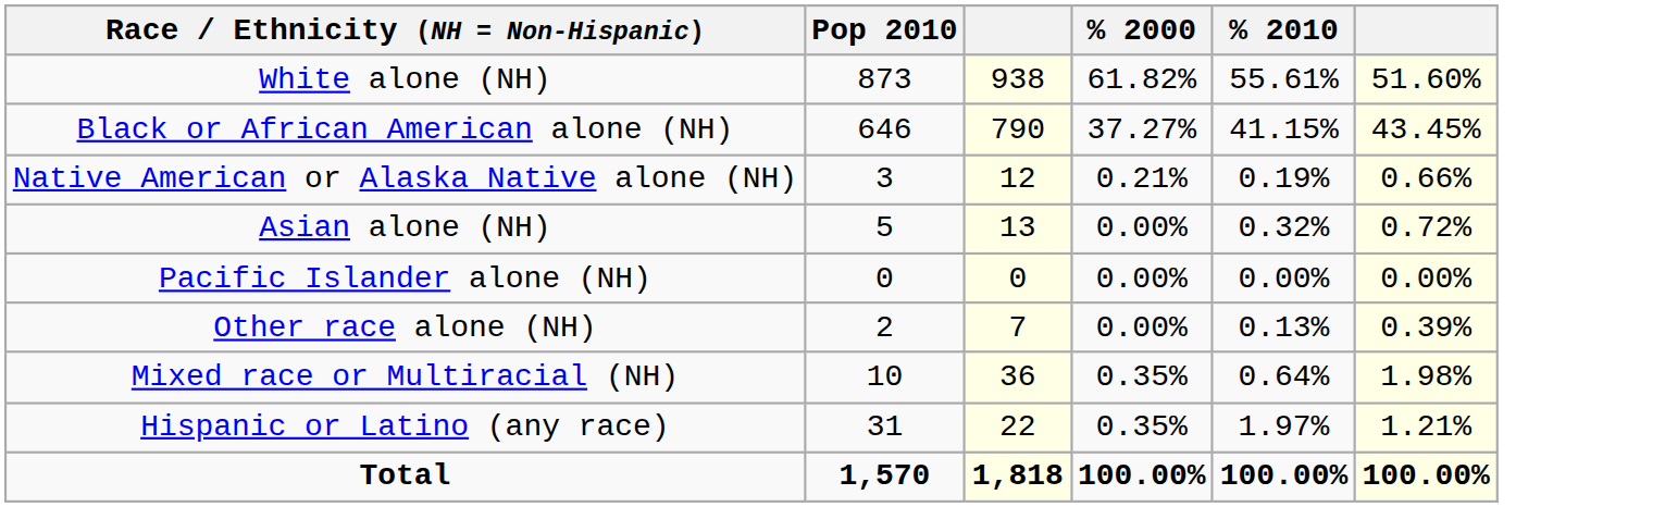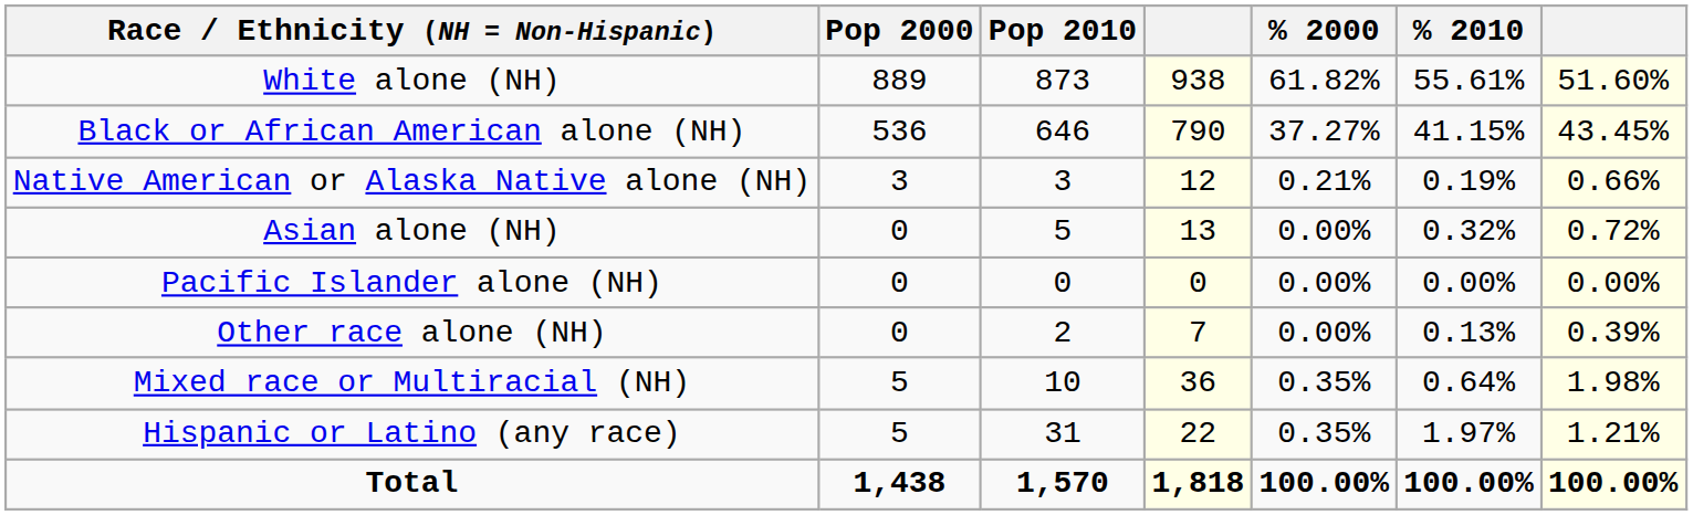 <table class="wikitable" style="text-align:center;">
 <tr>
 <th>Race / Ethnicity <small>(<em>NH = Non-Hispanic</em>)</small></th>
+<th>Pop 2000</th>
 <th>Pop 2010</th>
 <th></th>
 <th>% 2000</th>
 <th>% 2010</th>
 <th></th>
 </tr>
 <tr>
 <td><a href='#'>White</a> alone (NH)</td>
+<td>889</td>
 <td>873</td>
 <td style='background: #ffffe6;'>938</td>
 <td>61.82%</td>
 <td>55.61%</td>
 <td style='background: #ffffe6;'>51.60%</td>
 </tr>
 <tr>
 <td><a href='#'>Black or African American</a> alone (NH)</td>
+<td>536</td>
 <td>646</td>
 <td style='background: #ffffe6;'>790</td>
 <td>37.27%</td>
 <td>41.15%</td>
 <td style='background: #ffffe6;'>43.45%</td>
 </tr>
 <tr>
 <td><a href='#'>Native American</a> or <a href='#'>Alaska Native</a> alone (NH)</td>
 <td>3</td>
+<td>3</td>
 <td style='background: #ffffe6;'>12</td>
 <td>0.21%</td>
 <td>0.19%</td>
 <td style='background: #ffffe6;'>0.66%</td>
 </tr>
 <tr>
 <td><a href='#'>Asian</a> alone (NH)</td>
+<td>0</td>
 <td>5</td>
 <td style='background: #ffffe6;'>13</td>
 <td>0.00%</td>
 <td>0.32%</td>
 <td style='background: #ffffe6;'>0.72%</td>
 </tr>
 <tr>
 <td><a href='#'>Pacific Islander</a> alone (NH)</td>
 <td>0</td>
+<td>0</td>
 <td style='background: #ffffe6;'>0</td>
 <td>0.00%</td>
 <td>0.00%</td>
 <td style='background: #ffffe6;'>0.00%</td>
 </tr>
 <tr>
 <td><a href='#'>Other race</a> alone (NH)</td>
+<td>0</td>
 <td>2</td>
 <td style='background: #ffffe6;'>7</td>
 <td>0.00%</td>
 <td>0.13%</td>
 <td style='background: #ffffe6;'>0.39%</td>
 </tr>
 <tr>
 <td><a href='#'>Mixed race or Multiracial</a> (NH)</td>
+<td>5</td>
 <td>10</td>
 <td style='background: #ffffe6;'>36</td>
 <td>0.35%</td>
 <td>0.64%</td>
 <td style='background: #ffffe6;'>1.98%</td>
 </tr>
 <tr>
 <td><a href='#'>Hispanic or Latino</a> (any race)</td>
+<td>5</td>
 <td>31</td>
 <td style='background: #ffffe6;'>22</td>
 <td>0.35%</td>
 <td>1.97%</td>
 <td style='background: #ffffe6;'>1.21%</td>
 </tr>
 <tr>
 <td><strong>Total</strong></td>
+<td><strong>1,438</strong></td>
 <td><strong>1,570</strong></td>
 <td style='background: #ffffe6;'><strong>1,818</strong></td>
 <td><strong>100.00%</strong></td>
 <td><strong>100.00%</strong></td>
 <td style='background: #ffffe6;'><strong>100.00%</strong></td>
 </tr>
 </table>
